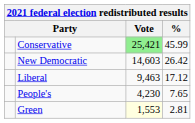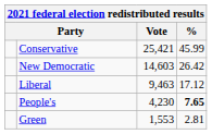 <table class="wikitable">
 <tr>
 <th colspan="4"><a href='#'>2021 federal election</a> redistributed results</th>
 </tr>
 <tr>
 <th bgcolor="#DDDDFF" width="130px" colspan="2">Party</th>
 <th bgcolor="#DDDDFF" width="50px">Vote</th>
 <th bgcolor="#DDDDFF" width="30px">%</th>
 </tr>
 <tr>
 <td> </td>
 <td><a href='#'>Conservative</a></td>
-<td align=right style="background: lightgreen;">25,421</td>
+<td align=right>25,421</td>
 <td align=right>45.99</td>
 </tr>
 <tr>
 <td> </td>
 <td><a href='#'>New Democratic</a></td>
 <td align=right>14,603</td>
 <td align=right>26.42</td>
 </tr>
 <tr>
 <td> </td>
 <td><a href='#'>Liberal</a></td>
 <td align=right>9,463</td>
 <td align=right>17.12</td>
 </tr>
 <tr>
 <td> </td>
 <td><a href='#'>People's</a></td>
 <td align=right>4,230</td>
-<td align=right>7.65</td>
+<td align=right><strong>7.65</strong></td>
 </tr>
 <tr>
 <td> </td>
 <td><a href='#'>Green</a></td>
-<td align=right style="background: lightyellow;">1,553</td>
+<td align=right>1,553</td>
 <td align=right>2.81</td>
 </tr>
 </table>
